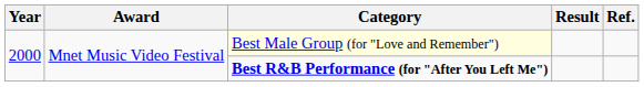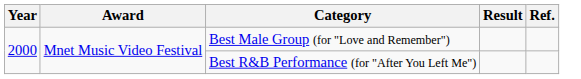 <table class="wikitable plainrowheaders">
 <tr>
 <th>Year</th>
 <th>Award</th>
 <th>Category</th>
 <th>Result</th>
 <th>Ref.</th>
 </tr>
 <tr>
 <td rowspan="2"><a href='#'>2000</a></td>
 <td rowspan="2"><a href='#'>Mnet Music Video Festival</a></td>
-<td style="background: lightyellow;"><a href='#'>Best Male Group</a> <small>(for "Love and Remember")</small></td>
+<td><a href='#'>Best Male Group</a> <small>(for "Love and Remember")</small></td>
 <td></td>
 <td align="center"></td>
 </tr>
 <tr>
-<td><strong><a href='#'>Best R&B Performance</a> <small>(for "After You Left Me")</small></strong></td>
+<td><a href='#'>Best R&B Performance</a> <small>(for "After You Left Me")</small></td>
 <td></td>
 <td></td>
 </tr>
 </table>
